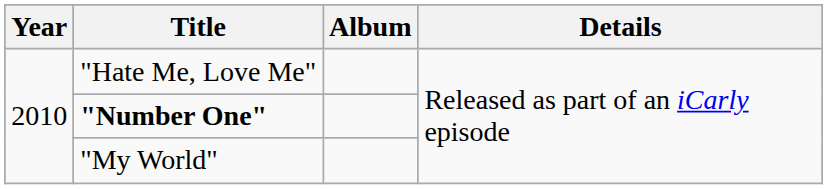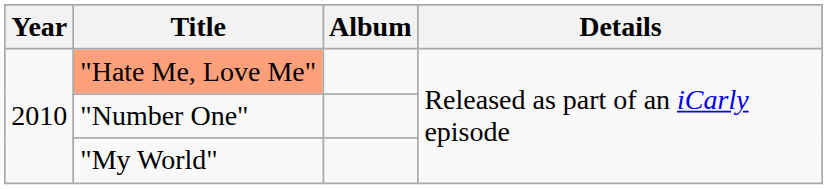 <table class="wikitable">
 <tr>
 <th>Year</th>
 <th scope="col">Title</th>
 <th>Album</th>
 <th scope="col" style="width:14em;">Details</th>
 </tr>
 <tr>
 <td rowspan="3">2010</td>
-<td>"Hate Me, Love Me"</td>
+<td style="background: lightsalmon;">"Hate Me, Love Me"</td>
 <td></td>
 <td rowspan="3">Released as part of an <em><a href='#'>iCarly</a></em> episode</td>
 </tr>
 <tr>
-<td><strong>"Number One"</strong></td>
+<td>"Number One"</td>
 <td></td>
 </tr>
 <tr>
 <td>"My World"</td>
 <td></td>
 </tr>
 </table>
